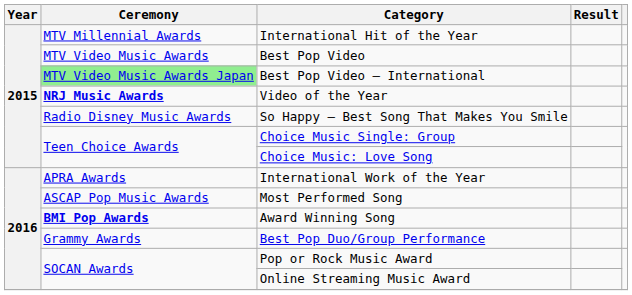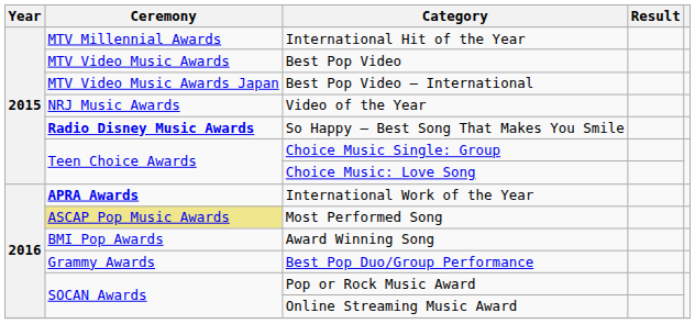 <table class="wikitable plainrowheaders">
 <tr>
 <th scope="col">Year</th>
 <th scope="col">Ceremony</th>
 <th scope="col">Category</th>
 <th scope="col">Result</th>
 <th scope="col"></th>
 </tr>
 <tr>
 <th scope="row" rowspan="7">2015</th>
 <td><a href='#'>MTV Millennial Awards</a></td>
 <td>International Hit of the Year</td>
 <td></td>
 <td style="text-align:center;"></td>
 </tr>
 <tr>
 <td><a href='#'>MTV Video Music Awards</a></td>
 <td>Best Pop Video</td>
 <td></td>
 <td style="text-align:center;"></td>
 </tr>
 <tr>
-<td style="background: lightgreen;"><a href='#'>MTV Video Music Awards Japan</a></td>
+<td><a href='#'>MTV Video Music Awards Japan</a></td>
 <td>Best Pop Video – International</td>
 <td></td>
 <td></td>
 </tr>
 <tr>
-<td><strong><a href='#'>NRJ Music Awards</a></strong></td>
+<td><a href='#'>NRJ Music Awards</a></td>
 <td>Video of the Year</td>
 <td></td>
 <td style="text-align:center;"></td>
 </tr>
 <tr>
-<td><a href='#'>Radio Disney Music Awards</a></td>
+<td><strong><a href='#'>Radio Disney Music Awards</a></strong></td>
 <td>So Happy – Best Song That Makes You Smile</td>
 <td></td>
 <td style="text-align:center;"></td>
 </tr>
 <tr>
 <td rowspan="2"><a href='#'>Teen Choice Awards</a></td>
 <td><a href='#'>Choice Music Single: Group</a></td>
 <td></td>
 <td rowspan="2" style="text-align:center;"><br></td>
 </tr>
 <tr>
 <td><a href='#'>Choice Music: Love Song</a></td>
 <td></td>
 </tr>
 <tr>
 <th scope="row" rowspan="6">2016</th>
-<td><a href='#'>APRA Awards</a></td>
+<td><strong><a href='#'>APRA Awards</a></strong></td>
 <td>International Work of the Year</td>
 <td></td>
 <td></td>
 </tr>
 <tr>
-<td><a href='#'>ASCAP Pop Music Awards</a></td>
+<td style="background: khaki;"><a href='#'>ASCAP Pop Music Awards</a></td>
 <td>Most Performed Song</td>
 <td></td>
 <td style="text-align:center;"></td>
 </tr>
 <tr>
-<td><strong><a href='#'>BMI Pop Awards</a></strong></td>
+<td><a href='#'>BMI Pop Awards</a></td>
 <td>Award Winning Song</td>
 <td></td>
 <td style="text-align:center;"></td>
 </tr>
 <tr>
 <td><a href='#'>Grammy Awards</a></td>
 <td><a href='#'>Best Pop Duo/Group Performance</a></td>
 <td></td>
 <td></td>
 </tr>
 <tr>
 <td rowspan="2"><a href='#'>SOCAN Awards</a></td>
 <td>Pop or Rock Music Award</td>
 <td></td>
 <td rowspan="2" style="text-align:center;"></td>
 </tr>
 <tr>
 <td>Online Streaming Music Award</td>
 <td></td>
 </tr>
 <tr>
 </tr>
 </table>
